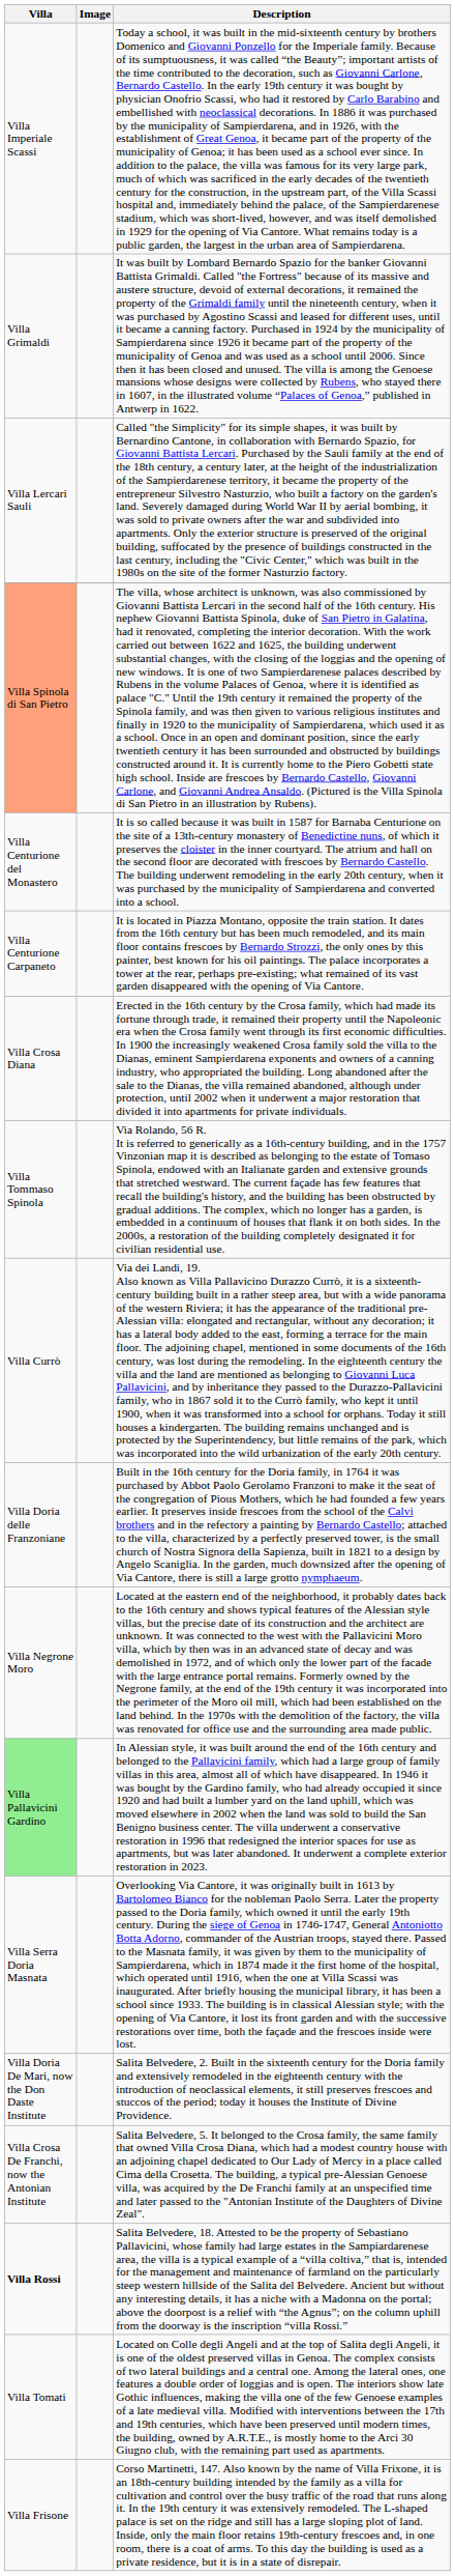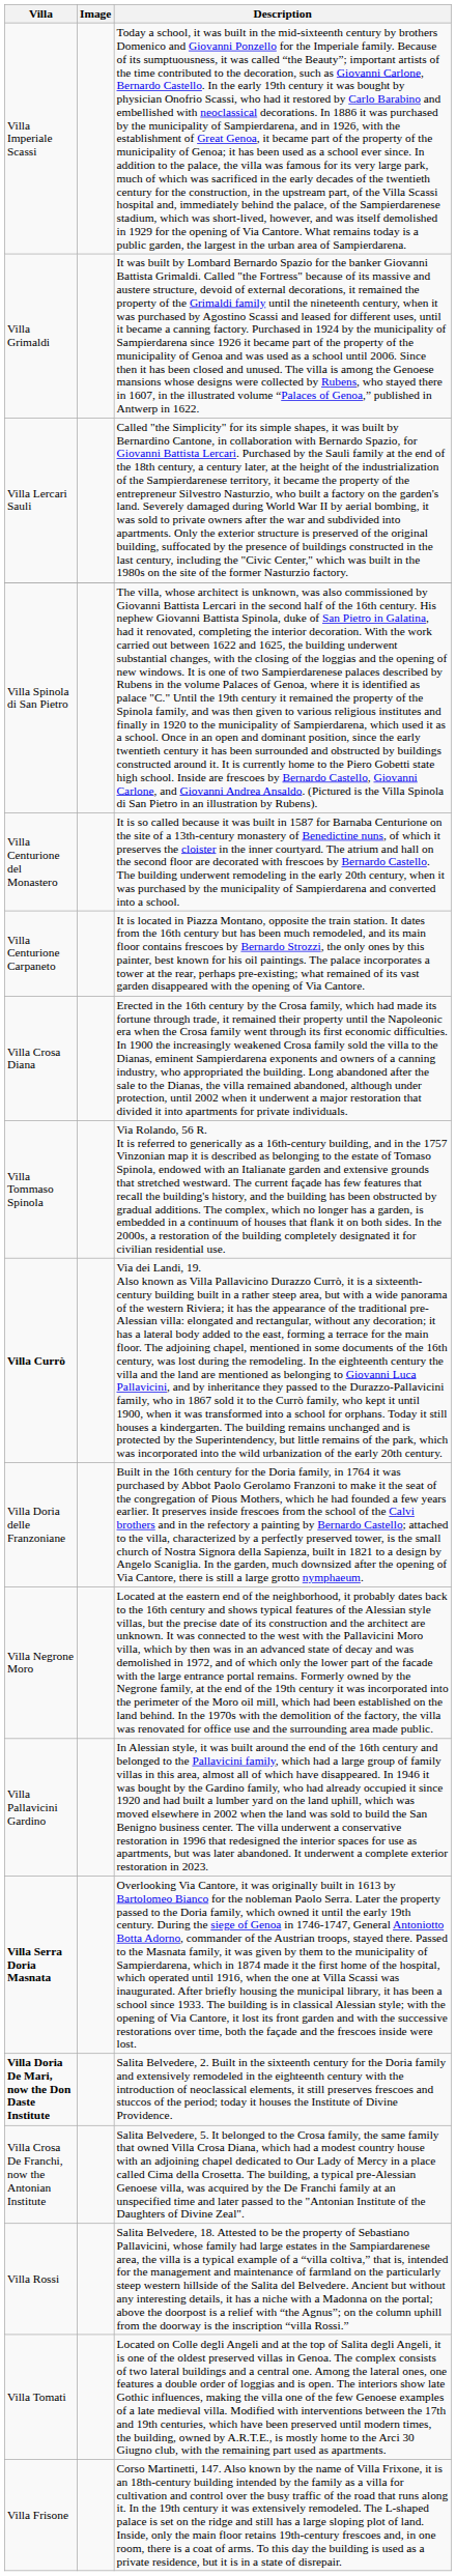 <table class="wikitable sortable">
 <tr>
 <th>Villa</th>
 <th>Image</th>
 <th>Description</th>
 </tr>
 <tr>
 <td>Villa Imperiale Scassi</td>
 <td></td>
 <td>Today a school, it was built in the mid-sixteenth century by brothers Domenico and <a href='#'>Giovanni Ponzello</a> for the Imperiale family. Because of its sumptuousness, it was called “the Beauty”; important artists of the time contributed to the decoration, such as <a href='#'>Giovanni Carlone</a>, <a href='#'>Bernardo Castello</a>. In the early 19th century it was bought by physician Onofrio Scassi, who had it restored by <a href='#'>Carlo Barabino</a> and embellished with <a href='#'>neoclassical</a> decorations. In 1886 it was purchased by the municipality of Sampierdarena, and in 1926, with the establishment of <a href='#'>Great Genoa</a>, it became part of the property of the municipality of Genoa; it has been used as a school ever since. In addition to the palace, the villa was famous for its very large park, much of which was sacrificed in the early decades of the twentieth century for the construction, in the upstream part, of the Villa Scassi hospital and, immediately behind the palace, of the Sampierdarenese stadium, which was short-lived, however, and was itself demolished in 1929 for the opening of Via Cantore. What remains today is a public garden, the largest in the urban area of Sampierdarena.</td>
 </tr>
 <tr>
 <td>Villa Grimaldi</td>
 <td></td>
 <td>It was built by Lombard Bernardo Spazio for the banker Giovanni Battista Grimaldi. Called "the Fortress" because of its massive and austere structure, devoid of external decorations, it remained the property of the <a href='#'>Grimaldi family</a> until the nineteenth century, when it was purchased by Agostino Scassi and leased for different uses, until it became a canning factory. Purchased in 1924 by the municipality of Sampierdarena since 1926 it became part of the property of the municipality of Genoa and was used as a school until 2006. Since then it has been closed and unused. The villa is among the Genoese mansions whose designs were collected by <a href='#'>Rubens</a>, who stayed there in 1607, in the illustrated volume “<a href='#'>Palaces of Genoa</a>,” published in Antwerp in 1622.</td>
 </tr>
 <tr>
 <td>Villa Lercari Sauli</td>
 <td></td>
 <td>Called "the Simplicity" for its simple shapes, it was built by Bernardino Cantone, in collaboration with Bernardo Spazio, for <a href='#'>Giovanni Battista Lercari</a>. Purchased by the Sauli family at the end of the 18th century, a century later, at the height of the industrialization of the Sampierdarenese territory, it became the property of the entrepreneur Silvestro Nasturzio, who built a factory on the garden's land. Severely damaged during World War II by aerial bombing, it was sold to private owners after the war and subdivided into apartments. Only the exterior structure is preserved of the original building, suffocated by the presence of buildings constructed in the last century, including the "Civic Center," which was built in the 1980s on the site of the former Nasturzio factory.</td>
 </tr>
 <tr>
 </tr>
 <tr>
-<td style="background: lightsalmon;">Villa Spinola di San Pietro</td>
+<td>Villa Spinola di San Pietro</td>
 <td></td>
 <td>The villa, whose architect is unknown, was also commissioned by Giovanni Battista Lercari in the second half of the 16th century. His nephew Giovanni Battista Spinola, duke of <a href='#'>San Pietro in Galatina</a>, had it renovated, completing the interior decoration. With the work carried out between 1622 and 1625, the building underwent substantial changes, with the closing of the loggias and the opening of new windows. It is one of two Sampierdarenese palaces described by Rubens in the volume Palaces of Genoa, where it is identified as palace "C." Until the 19th century it remained the property of the Spinola family, and was then given to various religious institutes and finally in 1920 to the municipality of Sampierdarena, which used it as a school. Once in an open and dominant position, since the early twentieth century it has been surrounded and obstructed by buildings constructed around it. It is currently home to the Piero Gobetti state high school. Inside are frescoes by <a href='#'>Bernardo Castello</a>, <a href='#'>Giovanni Carlone</a>, and <a href='#'>Giovanni Andrea Ansaldo</a>. (Pictured is the Villa Spinola di San Pietro in an illustration by Rubens).</td>
 </tr>
 <tr>
 <td>Villa Centurione del Monastero</td>
 <td></td>
 <td>It is so called because it was built in 1587 for Barnaba Centurione on the site of a 13th-century monastery of <a href='#'>Benedictine nuns</a>, of which it preserves the <a href='#'>cloister</a> in the inner courtyard. The atrium and hall on the second floor are decorated with frescoes by <a href='#'>Bernardo Castello</a>. The building underwent remodeling in the early 20th century, when it was purchased by the municipality of Sampierdarena and converted into a school.</td>
 </tr>
 <tr>
 <td>Villa Centurione Carpaneto</td>
 <td></td>
 <td>It is located in Piazza Montano, opposite the train station. It dates from the 16th century but has been much remodeled, and its main floor contains frescoes by <a href='#'>Bernardo Strozzi</a>, the only ones by this painter, best known for his oil paintings. The palace incorporates a tower at the rear, perhaps pre-existing; what remained of its vast garden disappeared with the opening of Via Cantore.</td>
 </tr>
 <tr>
 <td>Villa Crosa Diana</td>
 <td></td>
 <td>Erected in the 16th century by the Crosa family, which had made its fortune through trade, it remained their property until the Napoleonic era when the Crosa family went through its first economic difficulties. In 1900 the increasingly weakened Crosa family sold the villa to the Dianas, eminent Sampierdarena exponents and owners of a canning industry, who appropriated the building. Long abandoned after the sale to the Dianas, the villa remained abandoned, although under protection, until 2002 when it underwent a major restoration that divided it into apartments for private individuals.</td>
 </tr>
 <tr>
 <td>Villa Tommaso Spinola</td>
 <td></td>
 <td>Via Rolando, 56 R.<br>It is referred to generically as a 16th-century building, and in the 1757 Vinzonian map it is described as belonging to the estate of Tomaso Spinola, endowed with an Italianate garden and extensive grounds that stretched westward. The current façade has few features that recall the building's history, and the building has been obstructed by gradual additions. The complex, which no longer has a garden, is embedded in a continuum of houses that flank it on both sides. In the 2000s, a restoration of the building completely designated it for civilian residential use.</td>
 </tr>
 <tr>
-<td>Villa Currò</td>
+<td><strong>Villa Currò</strong></td>
 <td></td>
 <td>Via dei Landi, 19.<br>Also known as Villa Pallavicino Durazzo Currò, it is a sixteenth-century building built in a rather steep area, but with a wide panorama of the western Riviera; it has the appearance of the traditional pre-Alessian villa: elongated and rectangular, without any decoration; it has a lateral body added to the east, forming a terrace for the main floor. The adjoining chapel, mentioned in some documents of the 16th century, was lost during the remodeling. In the eighteenth century the villa and the land are mentioned as belonging to <a href='#'>Giovanni Luca Pallavicini</a>, and by inheritance they passed to the Durazzo-Pallavicini family, who in 1867 sold it to the Currò family, who kept it until 1900, when it was transformed into a school for orphans. Today it still houses a kindergarten. The building remains unchanged and is protected by the Superintendency, but little remains of the park, which was incorporated into the wild urbanization of the early 20th century.</td>
 </tr>
 <tr>
 <td>Villa Doria delle Franzoniane</td>
 <td></td>
 <td>Built in the 16th century for the Doria family, in 1764 it was purchased by Abbot Paolo Gerolamo Franzoni to make it the seat of the congregation of Pious Mothers, which he had founded a few years earlier. It preserves inside frescoes from the school of the <a href='#'>Calvi brothers</a> and in the refectory a painting by <a href='#'>Bernardo Castello</a>; attached to the villa, characterized by a perfectly preserved tower, is the small church of Nostra Signora della Sapienza, built in 1821 to a design by Angelo Scaniglia. In the garden, much downsized after the opening of Via Cantore, there is still a large grotto <a href='#'>nymphaeum</a>.</td>
 </tr>
 <tr>
 <td>Villa Negrone Moro</td>
 <td></td>
 <td>Located at the eastern end of the neighborhood, it probably dates back to the 16th century and shows typical features of the Alessian style villas, but the precise date of its construction and the architect are unknown. It was connected to the west with the Pallavicini Moro villa, which by then was in an advanced state of decay and was demolished in 1972, and of which only the lower part of the facade with the large entrance portal remains. Formerly owned by the Negrone family, at the end of the 19th century it was incorporated into the perimeter of the Moro oil mill, which had been established on the land behind. In the 1970s with the demolition of the factory, the villa was renovated for office use and the surrounding area made public.</td>
 </tr>
 <tr>
-<td style="background: lightgreen;">Villa Pallavicini Gardino</td>
+<td>Villa Pallavicini Gardino</td>
 <td></td>
 <td>In Alessian style, it was built around the end of the 16th century and belonged to the <a href='#'>Pallavicini family</a>, which had a large group of family villas in this area, almost all of which have disappeared. In 1946 it was bought by the Gardino family, who had already occupied it since 1920 and had built a lumber yard on the land uphill, which was moved elsewhere in 2002 when the land was sold to build the San Benigno business center. The villa underwent a conservative restoration in 1996 that redesigned the interior spaces for use as apartments, but was later abandoned. It underwent a complete exterior restoration in 2023.</td>
 </tr>
 <tr>
-<td>Villa Serra Doria Masnata</td>
+<td><strong>Villa Serra Doria Masnata</strong></td>
 <td></td>
 <td>Overlooking Via Cantore, it was originally built in 1613 by <a href='#'>Bartolomeo Bianco</a> for the nobleman Paolo Serra. Later the property passed to the Doria family, which owned it until the early 19th century. During the <a href='#'>siege of Genoa</a> in 1746-1747, General <a href='#'>Antoniotto Botta Adorno</a>, commander of the Austrian troops, stayed there. Passed to the Masnata family, it was given by them to the municipality of Sampierdarena, which in 1874 made it the first home of the hospital, which operated until 1916, when the one at Villa Scassi was inaugurated. After briefly housing the municipal library, it has been a school since 1933. The building is in classical Alessian style; with the opening of Via Cantore, it lost its front garden and with the successive restorations over time, both the façade and the frescoes inside were lost.</td>
 </tr>
 <tr>
-<td>Villa Doria De Mari, now the Don Daste Institute</td>
+<td><strong>Villa Doria De Mari, now the Don Daste Institute</strong></td>
 <td></td>
 <td>Salita Belvedere, 2. Built in the sixteenth century for the Doria family and extensively remodeled in the eighteenth century with the introduction of neoclassical elements, it still preserves frescoes and stuccos of the period; today it houses the Institute of Divine Providence.</td>
 </tr>
 <tr>
 <td>Villa Crosa De Franchi, now the Antonian Institute</td>
 <td></td>
 <td>Salita Belvedere, 5. It belonged to the Crosa family, the same family that owned Villa Crosa Diana, which had a modest country house with an adjoining chapel dedicated to Our Lady of Mercy in a place called Cima della Crosetta. The building, a typical pre-Alessian Genoese villa, was acquired by the De Franchi family at an unspecified time and later passed to the "Antonian Institute of the Daughters of Divine Zeal".</td>
 </tr>
 <tr>
-<td><strong>Villa Rossi</strong></td>
+<td>Villa Rossi</td>
 <td></td>
 <td>Salita Belvedere, 18. Attested to be the property of Sebastiano Pallavicini, whose family had large estates in the Sampiardarenese area, the villa is a typical example of a “villa coltiva,” that is, intended for the management and maintenance of farmland on the particularly steep western hillside of the Salita del Belvedere. Ancient but without any interesting details, it has a niche with a Madonna on the portal; above the doorpost is a relief with “the Agnus”; on the column uphill from the doorway is the inscription “villa Rossi.”</td>
 </tr>
 <tr>
 <td>Villa Tomati</td>
 <td></td>
 <td>Located on Colle degli Angeli and at the top of Salita degli Angeli, it is one of the oldest preserved villas in Genoa. The complex consists of two lateral buildings and a central one. Among the lateral ones, one features a double order of loggias and is open. The interiors show late Gothic influences, making the villa one of the few Genoese examples of a late medieval villa. Modified with interventions between the 17th and 19th centuries, which have been preserved until modern times, the building, owned by A.R.T.E., is mostly home to the Arci 30 Giugno club, with the remaining part used as apartments.</td>
 </tr>
 <tr>
 <td>Villa Frisone</td>
 <td></td>
 <td>Corso Martinetti, 147. Also known by the name of Villa Frixone, it is an 18th-century building intended by the family as a villa for cultivation and control over the busy traffic of the road that runs along it. In the 19th century it was extensively remodeled. The L-shaped palace is set on the ridge and still has a large sloping plot of land. Inside, only the main floor retains 19th-century frescoes and, in one room, there is a coat of arms. To this day the building is used as a private residence, but it is in a state of disrepair.</td>
 </tr>
 </table>
